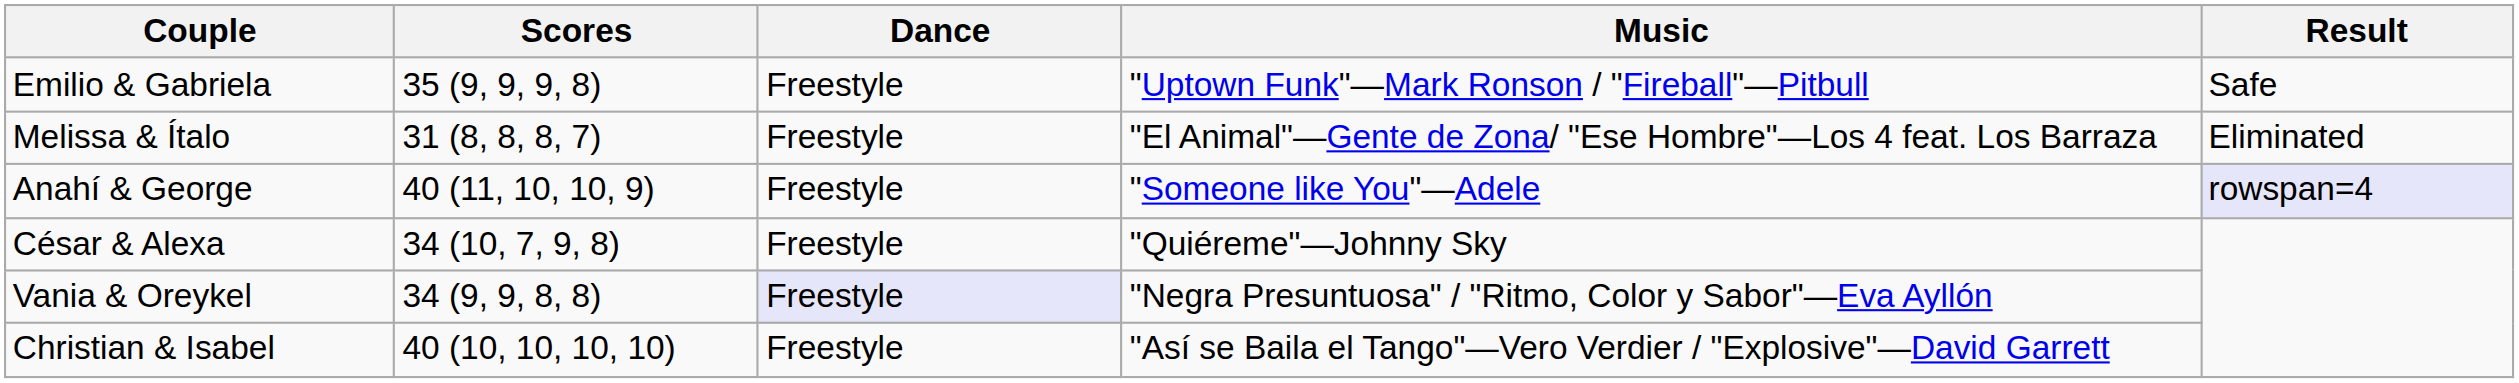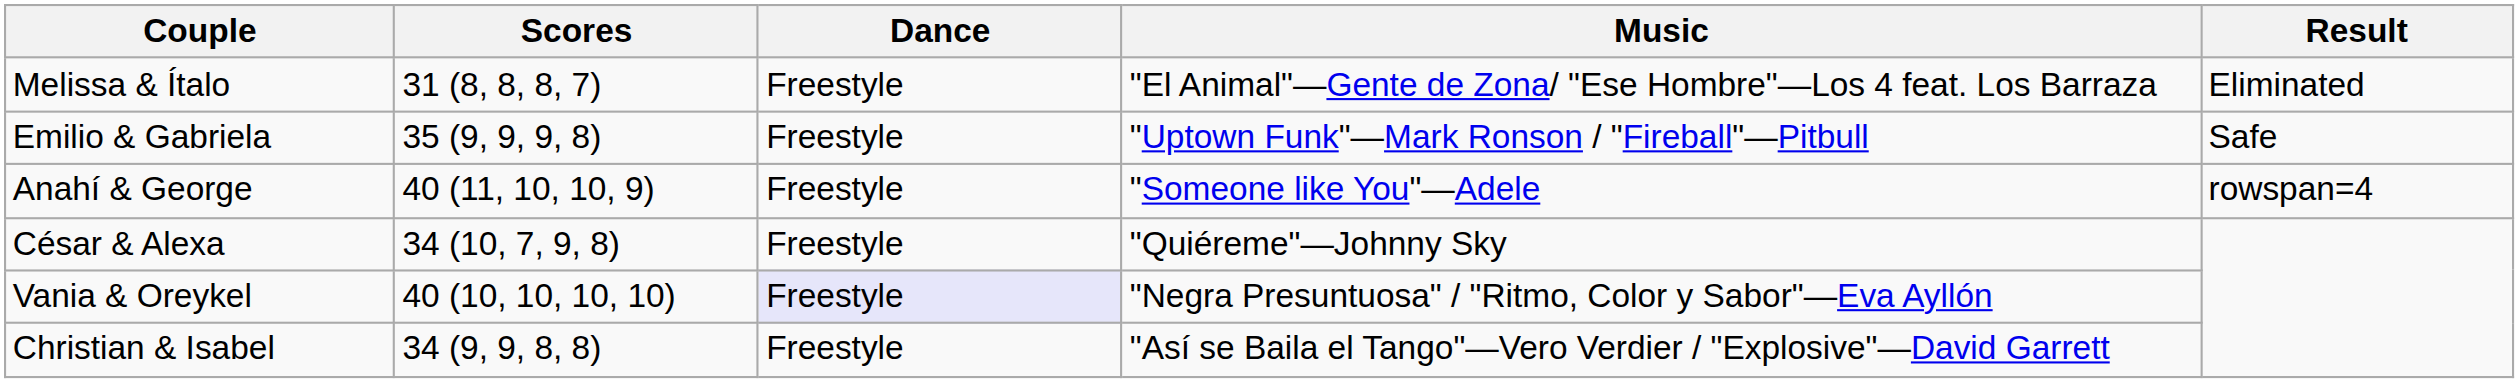 <table class="wikitable sortable" style="width:95%; white-space:nowrap">
 <tr>
 <th style="width:15%;">Couple</th>
 <th style="width:14%;">Scores</th>
 <th style="width:14%;">Dance</th>
 <th style="width:40%;">Music</th>
 <th style="width:12%;">Result</th>
 </tr>
 <tr>
+<td>Melissa & Ítalo</td>
+<td>31 (8, 8, 8, 7)</td>
+<td>Freestyle</td>
+<td>"El Animal"—<a href='#'>Gente de Zona</a>/ "Ese Hombre"—Los 4 feat. Los Barraza</td>
+<td>Eliminated</td>
+</tr>
+<tr>
 <td>Emilio & Gabriela</td>
 <td>35 (9, 9, 9, 8)</td>
 <td>Freestyle</td>
 <td>"<a href='#'>Uptown Funk</a>"—<a href='#'>Mark Ronson</a> / "<a href='#'>Fireball</a>"—<a href='#'>Pitbull</a></td>
 <td>Safe</td>
 </tr>
 <tr>
-<td>Melissa & Ítalo</td>
-<td>31 (8, 8, 8, 7)</td>
-<td>Freestyle</td>
-<td>"El Animal"—<a href='#'>Gente de Zona</a>/ "Ese Hombre"—Los 4 feat. Los Barraza</td>
-<td>Eliminated</td>
-</tr>
-<tr>
 <td>Anahí & George</td>
 <td>40 (11, 10, 10, 9)</td>
 <td>Freestyle</td>
 <td>"<a href='#'>Someone like You</a>"—<a href='#'>Adele</a></td>
-<td style="background: lavender;">rowspan=4 </td>
+<td>rowspan=4 </td>
 </tr>
 <tr>
 <td>César & Alexa</td>
 <td>34 (10, 7, 9, 8)</td>
 <td>Freestyle</td>
 <td>"Quiéreme"—Johnny Sky</td>
 </tr>
 <tr>
 <td>Vania & Oreykel</td>
-<td>34 (9, 9, 8, 8)</td>
+<td>40 (10, 10, 10, 10)</td>
 <td style="background: lavender;">Freestyle</td>
 <td>"Negra Presuntuosa" / "Ritmo, Color y Sabor"—<a href='#'>Eva Ayllón</a></td>
 </tr>
 <tr>
 <td>Christian & Isabel</td>
-<td>40 (10, 10, 10, 10)</td>
+<td>34 (9, 9, 8, 8)</td>
 <td>Freestyle</td>
 <td>"Así se Baila el Tango"—Vero Verdier / "Explosive"—<a href='#'>David Garrett</a></td>
 </tr>
 </table>
